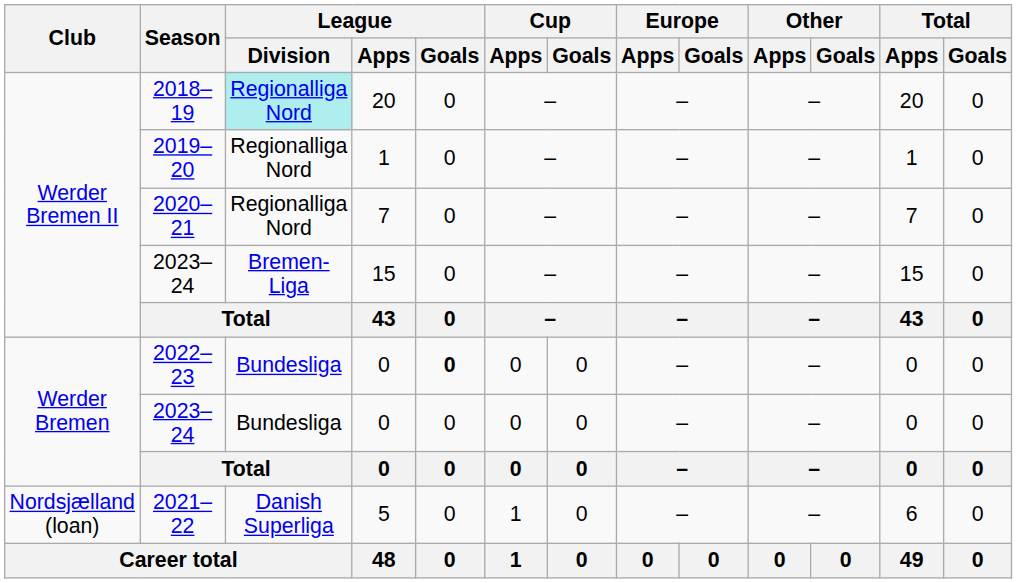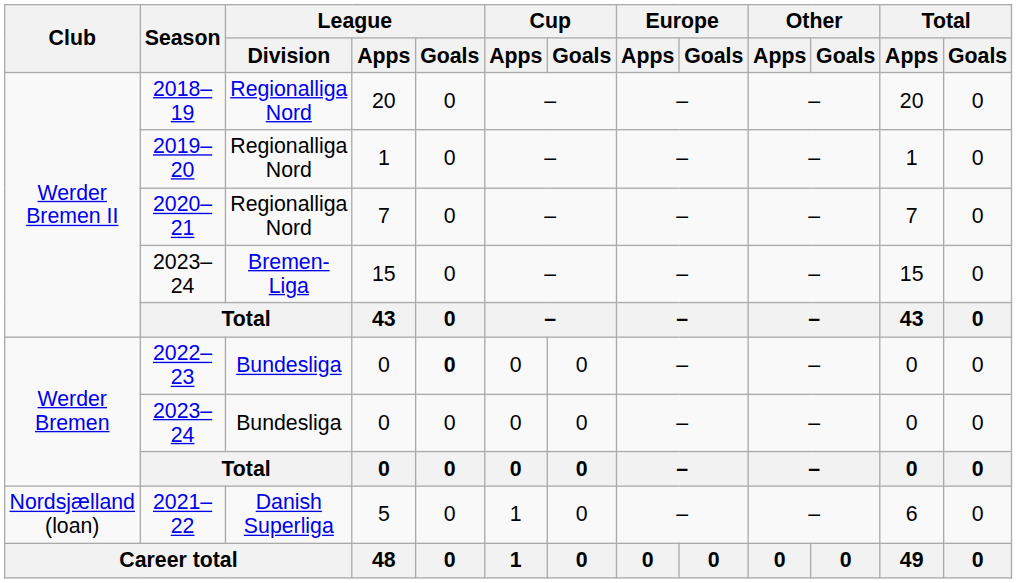 <table class="wikitable" style="text-align:center">
 <tr>
 <th rowspan="2">Club</th>
 <th rowspan="2">Season</th>
 <th colspan="3">League</th>
 <th colspan="2">Cup</th>
 <th colspan="2">Europe</th>
 <th colspan="2">Other</th>
 <th colspan="2">Total</th>
 </tr>
 <tr>
 <th>Division</th>
 <th>Apps</th>
 <th>Goals</th>
 <th>Apps</th>
 <th>Goals</th>
 <th>Apps</th>
 <th>Goals</th>
 <th>Apps</th>
 <th>Goals</th>
 <th>Apps</th>
 <th>Goals</th>
 </tr>
 <tr>
 <td rowspan="5"><a href='#'>Werder Bremen II</a></td>
 <td><a href='#'>2018–19</a></td>
-<td style="background: paleturquoise;"><a href='#'>Regionalliga Nord</a></td>
+<td><a href='#'>Regionalliga Nord</a></td>
 <td>20</td>
 <td>0</td>
 <td colspan="2">–</td>
 <td colspan="2">–</td>
 <td colspan="2">–</td>
 <td>20</td>
 <td>0</td>
 </tr>
 <tr>
 <td><a href='#'>2019–20</a></td>
 <td>Regionalliga Nord</td>
 <td>1</td>
 <td>0</td>
 <td colspan="2">–</td>
 <td colspan="2">–</td>
 <td colspan="2">–</td>
 <td>1</td>
 <td>0</td>
 </tr>
 <tr>
 <td><a href='#'>2020–21</a></td>
 <td>Regionalliga Nord</td>
 <td>7</td>
 <td>0</td>
 <td colspan="2">–</td>
 <td colspan="2">–</td>
 <td colspan="2">–</td>
 <td>7</td>
 <td>0</td>
 </tr>
 <tr>
 <td>2023–24</td>
 <td><a href='#'>Bremen-Liga</a></td>
 <td>15</td>
 <td>0</td>
 <td colspan="2">–</td>
 <td colspan="2">–</td>
 <td colspan="2">–</td>
 <td>15</td>
 <td>0</td>
 </tr>
 <tr>
 <th colspan="2">Total</th>
 <th>43</th>
 <th>0</th>
 <th colspan="2">–</th>
 <th colspan="2">–</th>
 <th colspan="2">–</th>
 <th>43</th>
 <th>0</th>
 </tr>
 <tr>
 <td rowspan="3"><a href='#'>Werder Bremen</a></td>
 <td><a href='#'>2022–23</a></td>
 <td><a href='#'>Bundesliga</a></td>
 <td>0</td>
 <td><strong>0</strong></td>
 <td>0</td>
 <td>0</td>
 <td colspan="2">–</td>
 <td colspan="2">–</td>
 <td>0</td>
 <td>0</td>
 </tr>
 <tr>
 <td><a href='#'>2023–24</a></td>
 <td>Bundesliga</td>
 <td>0</td>
 <td>0</td>
 <td>0</td>
 <td>0</td>
 <td colspan="2">–</td>
 <td colspan="2">–</td>
 <td>0</td>
 <td>0</td>
 </tr>
 <tr>
 <th colspan="2">Total</th>
 <th>0</th>
 <th>0</th>
 <th>0</th>
 <th>0</th>
 <th colspan="2">–</th>
 <th colspan="2">–</th>
 <th>0</th>
 <th>0</th>
 </tr>
 <tr>
 <td><a href='#'>Nordsjælland</a> (loan)</td>
 <td><a href='#'>2021–22</a></td>
 <td><a href='#'>Danish Superliga</a></td>
 <td>5</td>
 <td>0</td>
 <td>1</td>
 <td>0</td>
 <td colspan="2">–</td>
 <td colspan="2">–</td>
 <td>6</td>
 <td>0</td>
 </tr>
 <tr>
 <th colspan="3">Career total</th>
 <th>48</th>
 <th>0</th>
 <th>1</th>
 <th>0</th>
 <th>0</th>
 <th>0</th>
 <th>0</th>
 <th>0</th>
 <th>49</th>
 <th>0</th>
 </tr>
 </table>
